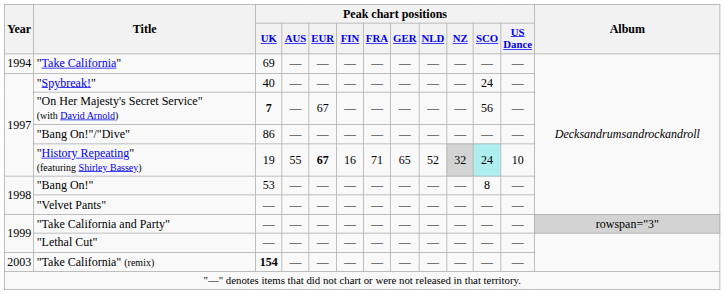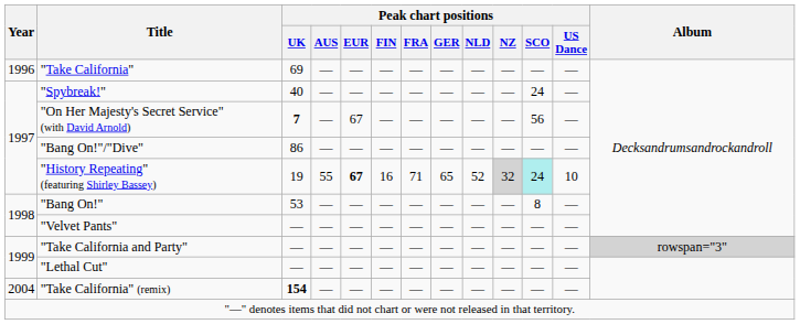 <table class="wikitable" style="text-align:center;">
 <tr>
 <th rowspan="2" style="width:2em;">Year</th>
 <th rowspan="2" style="width:18em;">Title</th>
 <th colspan="10">Peak chart positions</th>
 <th rowspan="2" style="width:15em;">Album</th>
 </tr>
 <tr>
 <th style="width:2em;font-size:90%;"><a href='#'>UK</a><br></th>
 <th style="width:2em;font-size:90%;"><a href='#'>AUS</a><br></th>
 <th style="width:2em;font-size:90%;"><a href='#'>EUR</a><br></th>
 <th style="width:2em;font-size:90%;"><a href='#'>FIN</a><br></th>
 <th style="width:2em;font-size:90%;"><a href='#'>FRA</a><br></th>
 <th style="width:2em;font-size:90%;"><a href='#'>GER</a><br></th>
 <th style="width:2em;font-size:90%;"><a href='#'>NLD</a><br></th>
 <th style="width:2em;font-size:90%;"><a href='#'>NZ</a><br></th>
 <th style="width:2em;font-size:90%;"><a href='#'>SCO</a><br></th>
 <th style="width:2em;font-size:90%;"><a href='#'>US<br>Dance</a><br></th>
 </tr>
 <tr>
-<td>1994</td>
+<td>1996</td>
 <td style="text-align:left;">"<a href='#'>Take California</a>"</td>
 <td>69</td>
 <td>—</td>
 <td>—</td>
 <td>—</td>
 <td>—</td>
 <td>—</td>
 <td>—</td>
 <td>—</td>
 <td>—</td>
 <td>—</td>
 <td rowspan="7"><em>Decksandrumsandrockandroll</em></td>
 </tr>
 <tr>
 <td rowspan="4">1997</td>
 <td style="text-align:left;">"<a href='#'>Spybreak!</a>"</td>
 <td>40</td>
 <td>—</td>
 <td>—</td>
 <td>—</td>
 <td>—</td>
 <td>—</td>
 <td>—</td>
 <td>—</td>
 <td>24</td>
 <td>—</td>
 </tr>
 <tr>
 <td style="text-align:left;">"On Her Majesty's Secret Service"<br><small>(with <a href='#'>David Arnold</a>)</small></td>
 <td><strong>7</strong></td>
 <td>—</td>
 <td>67</td>
 <td>—</td>
 <td>—</td>
 <td>—</td>
 <td>—</td>
 <td>—</td>
 <td>56</td>
 <td>—</td>
 </tr>
 <tr>
 <td style="text-align:left;">"Bang On!"/"Dive"</td>
 <td>86</td>
 <td>—</td>
 <td>—</td>
 <td>—</td>
 <td>—</td>
 <td>—</td>
 <td>—</td>
 <td>—</td>
 <td>—</td>
 <td>—</td>
 </tr>
 <tr>
 <td style="text-align:left;">"<a href='#'>History Repeating</a>"<br><small>(featuring <a href='#'>Shirley Bassey</a>)</small></td>
 <td>19</td>
 <td>55</td>
 <td><strong>67</strong></td>
 <td>16</td>
 <td>71</td>
 <td>65</td>
 <td>52</td>
 <td style="background: lightgrey;">32</td>
 <td style="background: paleturquoise;">24</td>
 <td>10</td>
 </tr>
 <tr>
 <td rowspan="2">1998</td>
 <td style="text-align:left;">"Bang On!"</td>
 <td>53</td>
 <td>—</td>
 <td>—</td>
 <td>—</td>
 <td>—</td>
 <td>—</td>
 <td>—</td>
 <td>—</td>
 <td>8</td>
 <td>—</td>
 </tr>
 <tr>
 <td style="text-align:left;">"Velvet Pants"</td>
 <td>—</td>
 <td>—</td>
 <td>—</td>
 <td>—</td>
 <td>—</td>
 <td>—</td>
 <td>—</td>
 <td>—</td>
 <td>—</td>
 <td>—</td>
 </tr>
 <tr>
 <td rowspan="2">1999</td>
 <td style="text-align:left;">"Take California and Party"</td>
 <td>—</td>
 <td>—</td>
 <td>—</td>
 <td>—</td>
 <td>—</td>
 <td>—</td>
 <td>—</td>
 <td>—</td>
 <td>—</td>
 <td>—</td>
 <td style="background: lightgrey;">rowspan="3" </td>
 </tr>
 <tr>
 <td style="text-align:left;">"Lethal Cut"</td>
 <td>—</td>
 <td>—</td>
 <td>—</td>
 <td>—</td>
 <td>—</td>
 <td>—</td>
 <td>—</td>
 <td>—</td>
 <td>—</td>
 <td>—</td>
 </tr>
 <tr>
-<td>2003</td>
+<td>2004</td>
 <td style="text-align:left;">"Take California" <small>(remix)</small></td>
 <td><strong>154</strong></td>
 <td>—</td>
 <td>—</td>
 <td>—</td>
 <td>—</td>
 <td>—</td>
 <td>—</td>
 <td>—</td>
 <td>—</td>
 <td>—</td>
 </tr>
 <tr>
 <td colspan="15" style="font-size:90%">"—" denotes items that did not chart or were not released in that territory.</td>
 </tr>
 </table>
